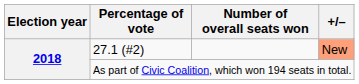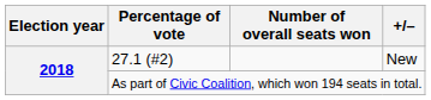 <table class=wikitable>
 <tr>
 <th>Election year</th>
 <th>Percentage of<br>vote</th>
 <th>Number of<br>overall seats won</th>
 <th>+/–</th>
 </tr>
 <tr>
 <th rowspan="2"><a href='#'>2018</a></th>
 <td>27.1 (#2)</td>
 <td></td>
-<td style="background: lightsalmon;">New</td>
+<td>New</td>
 </tr>
 <tr>
 <td colspan="5"><small>As part of <a href='#'>Civic Coalition</a>, which won 194 seats in total.</small></td>
 </tr>
 </table>
